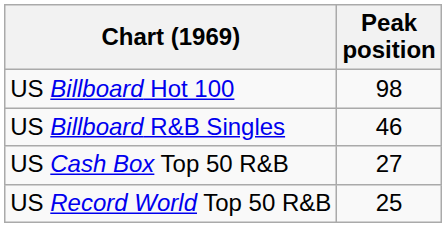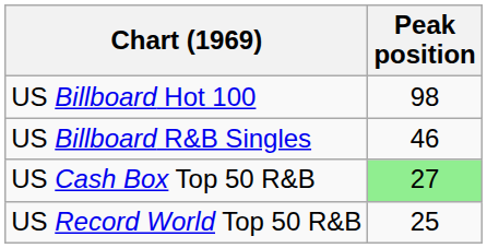 <table class="wikitable">
 <tr>
 <th>Chart (1969)</th>
 <th>Peak<br>position</th>
 </tr>
 <tr>
 <td>US <a href='#'><em>Billboard</em> Hot 100</a></td>
 <td align="center">98</td>
 </tr>
 <tr>
 <td>US <a href='#'><em>Billboard</em> R&B Singles</a></td>
 <td align="center">46</td>
 </tr>
 <tr>
 <td>US <a href='#'><em>Cash Box</em></a> Top 50 R&B</td>
-<td align="center">27</td>
+<td align="center" style="background: lightgreen;">27</td>
 </tr>
 <tr>
 <td>US <em><a href='#'>Record World</a></em> Top 50 R&B</td>
 <td align="center">25</td>
 </tr>
 </table>
